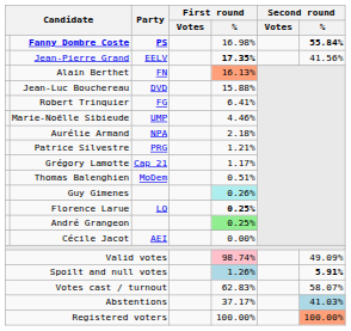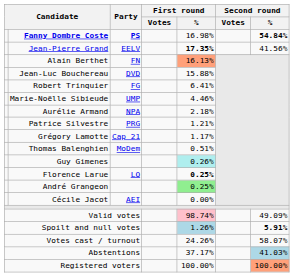 <table class="wikitable" style="text-align:right;font-size:95%;">
 <tr>
 <th rowspan=2 colspan=2>Candidate</th>
 <th rowspan=2 colspan=1>Party</th>
 <th colspan=2>First round</th>
 <th colspan=2>Second round</th>
 </tr>
 <tr>
 <th style="width:50px;">Votes</th>
 <th style="width:55px;">%</th>
 <th style="width:50px;">Votes</th>
 <th style="width:55px;">%</th>
 </tr>
 <tr>
 <td style="color:inherit;background-color:"></td>
 <td><strong><a href='#'>Fanny Dombre Coste</a></strong></td>
 <td><strong><a href='#'>PS</a></strong></td>
 <td></td>
 <td>16.98%</td>
 <td><strong></strong></td>
-<td><strong>55.84%</strong></td>
+<td><strong>54.84%</strong></td>
 </tr>
 <tr>
 <td style="color:inherit;background-color:"></td>
 <td><a href='#'>Jean-Pierre Grand</a></td>
 <td><a href='#'>EELV</a></td>
 <td></td>
 <td><strong>17.35%</strong></td>
 <td></td>
 <td>41.56%</td>
 </tr>
 <tr>
 <td style="color:inherit;background-color:"></td>
 <td>Alain Berthet</td>
 <td><a href='#'>FN</a></td>
 <td></td>
 <td style="background: lightsalmon;">16.13%</td>
 <td colspan=7 rowspan=12 style="background-color:#E9E9E9;"></td>
 </tr>
 <tr>
 <td style="color:inherit;background-color:"></td>
 <td>Jean-Luc Bouchereau</td>
 <td><a href='#'>DVD</a></td>
 <td></td>
 <td>15.88%</td>
 </tr>
 <tr>
 <td style="color:inherit;background-color:"></td>
 <td>Robert Trinquier</td>
 <td><a href='#'>FG</a></td>
 <td></td>
 <td>6.41%</td>
 </tr>
 <tr>
 <td style="color:inherit;background-color:"></td>
 <td>Marie-Noëlle Sibieude</td>
 <td><a href='#'>UMP</a></td>
 <td></td>
 <td>4.46%</td>
 </tr>
 <tr>
 <td style="color:inherit;background-color:"></td>
 <td>Aurélie Armand</td>
 <td><a href='#'>NPA</a></td>
 <td></td>
 <td>2.18%</td>
 </tr>
 <tr>
 <td style="color:inherit;background-color:"></td>
 <td>Patrice Silvestre</td>
 <td><a href='#'>PRG</a></td>
 <td></td>
 <td>1.21%</td>
 </tr>
 <tr>
 <td style="color:inherit;background-color:"></td>
 <td>Grégory Lamotte</td>
 <td><a href='#'>Cap 21</a></td>
 <td></td>
 <td>1.17%</td>
 </tr>
 <tr>
 <td style="color:inherit;background-color:"></td>
 <td>Thomas Balenghien</td>
 <td><a href='#'>MoDem</a></td>
 <td></td>
 <td>0.51%</td>
 </tr>
 <tr>
 <td style="background-color:;"></td>
 <td>Guy Gimenes</td>
 <td></td>
 <td></td>
 <td style="background: paleturquoise;">0.26%</td>
 </tr>
 <tr>
 <td style="color:inherit;background-color:"></td>
 <td>Florence Larue</td>
 <td><a href='#'>LO</a></td>
 <td></td>
 <td><strong>0.25%</strong></td>
 </tr>
 <tr>
 <td style="background-color:;"></td>
 <td>André Grangeon</td>
 <td></td>
 <td></td>
 <td style="background: lightgreen;">0.25%</td>
 </tr>
 <tr>
 <td style="color:inherit;background-color:"></td>
 <td>Cécile Jacot</td>
 <td><a href='#'>AEI</a></td>
 <td></td>
 <td>0.00%</td>
 </tr>
 <tr>
 <td colspan=7 style="background-color:#E9E9E9;"></td>
 </tr>
 <tr>
 <td colspan=3>Valid votes</td>
 <td></td>
 <td style="background: pink;">98.74%</td>
 <td></td>
 <td>49.09%</td>
 </tr>
 <tr>
 <td colspan=3>Spoilt and null votes</td>
 <td></td>
 <td style="background: lightblue;">1.26%</td>
 <td></td>
 <td><strong>5.91%</strong></td>
 </tr>
 <tr>
 <td colspan=3>Votes cast / turnout</td>
 <td></td>
-<td>62.83%</td>
+<td>24.26%</td>
 <td></td>
 <td>58.07%</td>
 </tr>
 <tr>
 <td colspan=3>Abstentions</td>
 <td></td>
 <td>37.17%</td>
 <td></td>
 <td style="background: lightblue;">41.03%</td>
 </tr>
 <tr>
 <td colspan=3>Registered voters</td>
 <td></td>
 <td>100.00%</td>
 <td></td>
 <td style="background: lightsalmon;">100.00%</td>
 </tr>
 </table>
